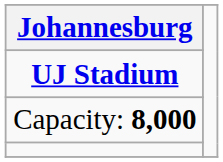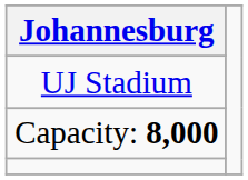 <table class="wikitable" style="margin:1em auto; text-align:center;">
 <tr>
 <th><a href='#'>Johannesburg</a></th>
 <td rowspan="4" text-align="center"></td>
 </tr>
 <tr>
-<td><strong><a href='#'>UJ Stadium</a></strong></td>
+<td><a href='#'>UJ Stadium</a></td>
 </tr>
 <tr>
 <td>Capacity: <strong>8,000</strong></td>
 </tr>
 <tr>
 <td></td>
 </tr>
 </table>
